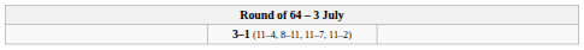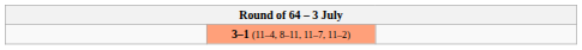 <table class="wikitable" style="text-align: center; font-size:90% ">
 <tr>
 <th colspan=3>Round of 64 – 3 July</th>
 </tr>
 <tr>
 <td align=left width="240"><strong><br></strong></td>
-<td align=center width="200"><strong>3–1</strong> <small>(11–4, 8–11, 11–7, 11–2)</small></td>
+<td align=center width="200" style="background: lightsalmon;"><strong>3–1</strong> <small>(11–4, 8–11, 11–7, 11–2)</small></td>
 <td align=left width="240"><br></td>
 </tr>
 </table>
